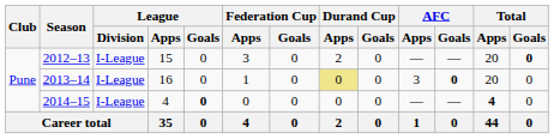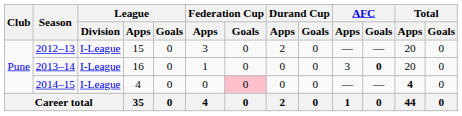 <table class="wikitable" style="text-align: center;">
 <tr>
 <th rowspan="2">Club</th>
 <th rowspan="2">Season</th>
 <th colspan="3">League</th>
 <th colspan="2">Federation Cup</th>
 <th colspan="2">Durand Cup</th>
 <th colspan="2"><a href='#'>AFC</a></th>
 <th colspan="2">Total</th>
 </tr>
 <tr>
 <th>Division</th>
 <th>Apps</th>
 <th>Goals</th>
 <th>Apps</th>
 <th>Goals</th>
 <th>Apps</th>
 <th>Goals</th>
 <th>Apps</th>
 <th>Goals</th>
 <th>Apps</th>
 <th>Goals</th>
 </tr>
 <tr>
 <td rowspan="3"><a href='#'>Pune</a></td>
 <td><a href='#'>2012–13</a></td>
 <td><a href='#'>I-League</a></td>
 <td>15</td>
 <td>0</td>
 <td>3</td>
 <td>0</td>
 <td>2</td>
 <td>0</td>
 <td>—</td>
 <td>—</td>
 <td>20</td>
-<td><strong>0</strong></td>
+<td>0</td>
 </tr>
 <tr>
 <td><a href='#'>2013–14</a></td>
 <td><a href='#'>I-League</a></td>
 <td>16</td>
 <td>0</td>
 <td>1</td>
 <td>0</td>
-<td style="background: khaki;">0</td>
+<td>0</td>
 <td>0</td>
 <td>3</td>
 <td><strong>0</strong></td>
 <td>20</td>
 <td>0</td>
 </tr>
 <tr>
 <td><a href='#'>2014–15</a></td>
 <td><a href='#'>I-League</a></td>
 <td>4</td>
-<td><strong>0</strong></td>
 <td>0</td>
 <td>0</td>
+<td style="background: pink;">0</td>
 <td>0</td>
 <td>0</td>
 <td>—</td>
 <td>—</td>
 <td><strong>4</strong></td>
 <td>0</td>
 </tr>
 <tr>
 <th colspan="3">Career total</th>
 <th>35</th>
 <th>0</th>
 <th>4</th>
 <th>0</th>
 <th>2</th>
 <th>0</th>
 <th>1</th>
 <th>0</th>
 <th>44</th>
 <th>0</th>
 </tr>
 </table>
